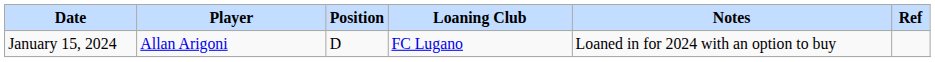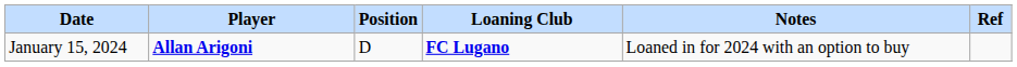 <table class="wikitable" style="text-align:left; font-size:95%;">
 <tr>
 <th style="background:#c2ddff; width:120px;">Date</th>
 <th style="background:#c2ddff; width:175px;">Player</th>
 <th style="background:#c2ddff; width:50px;">Position</th>
 <th style="background:#c2ddff; width:170px;">Loaning Club</th>
 <th style="background:#c2ddff; width:300px;">Notes</th>
 <th style="background:#c2ddff; width:30px;">Ref</th>
 </tr>
 <tr>
 <td>January 15, 2024</td>
-<td> <a href='#'>Allan Arigoni</a></td>
+<td><strong> <a href='#'>Allan Arigoni</a></strong></td>
 <td>D</td>
-<td> <a href='#'>FC Lugano</a></td>
+<td><strong> <a href='#'>FC Lugano</a></strong></td>
 <td>Loaned in for 2024 with an option to buy</td>
 <td></td>
 </tr>
 <tr>
 </tr>
 </table>
